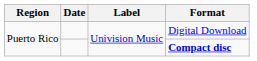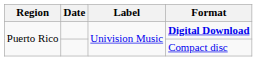 <table class="wikitable">
 <tr>
 <th>Region</th>
 <th>Date</th>
 <th>Label</th>
 <th>Format</th>
 </tr>
 <tr>
 <td rowspan="2">Puerto Rico</td>
 <td></td>
 <td rowspan="2"><a href='#'>Univision Music</a></td>
-<td><a href='#'>Digital Download</a></td>
+<td><strong><a href='#'>Digital Download</a></strong></td>
 </tr>
 <tr>
 <td></td>
-<td><strong><a href='#'>Compact disc</a></strong></td>
+<td><a href='#'>Compact disc</a></td>
 </tr>
 </table>
